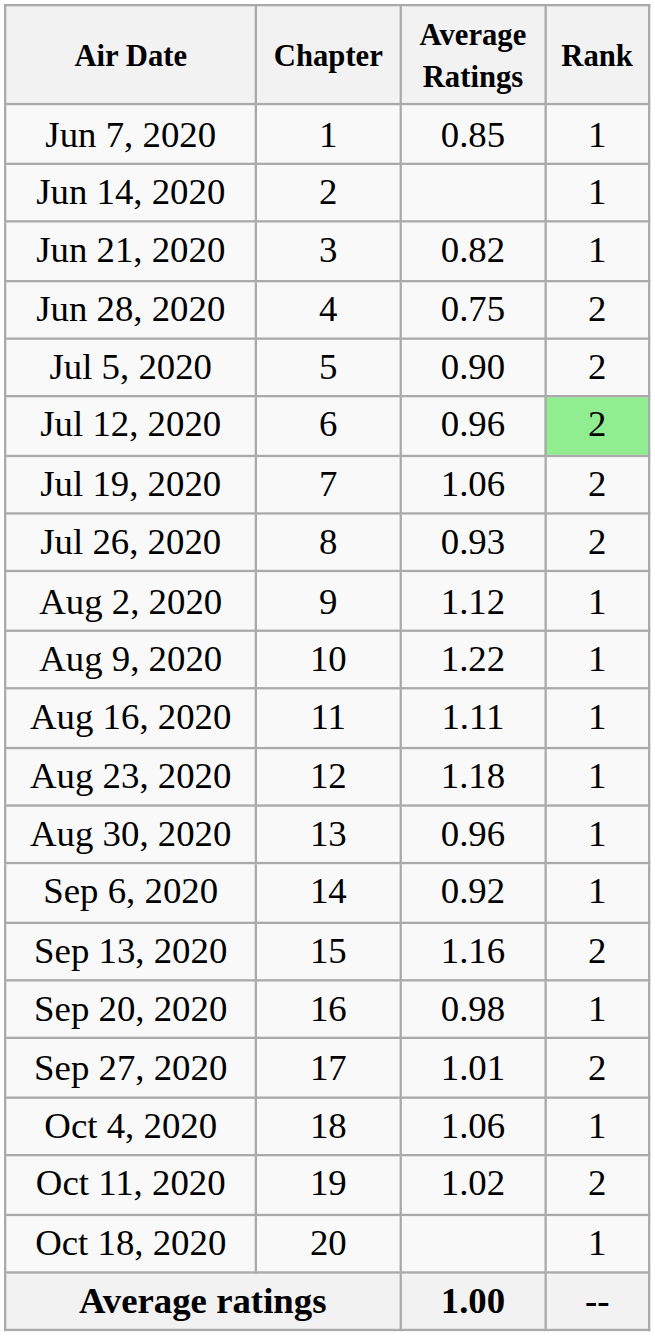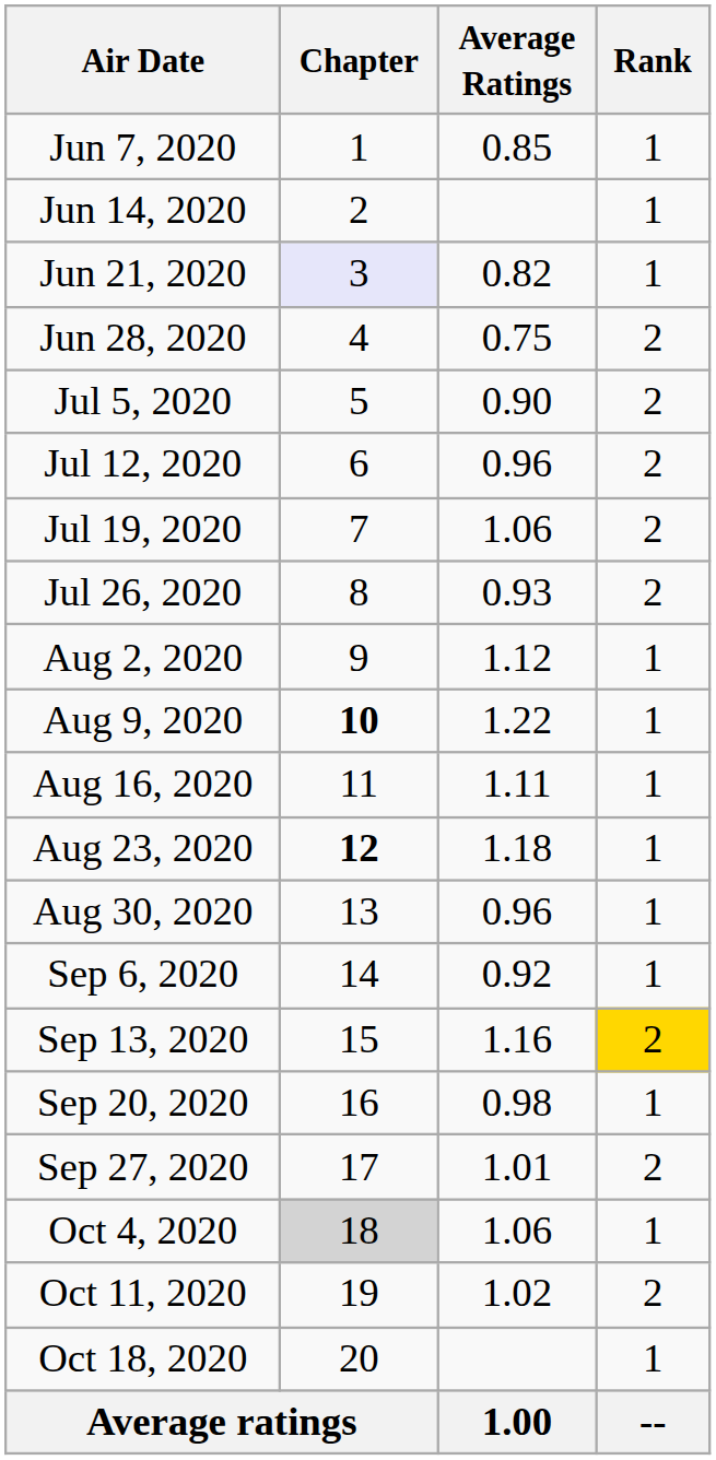 <table class="wikitable" style="text-align:center;width:45%;">
 <tr>
 <th width="25%"><small>Air Date</small></th>
 <th width="5%"><small>Chapter</small></th>
 <th width="6%"><small>Average Ratings</small></th>
 <th width="4%"><small>Rank</small></th>
 </tr>
 <tr>
 <td>Jun 7, 2020</td>
 <td>1</td>
 <td>0.85</td>
 <td>1</td>
 </tr>
 <tr>
 <td>Jun 14, 2020</td>
 <td>2</td>
 <td><strong></strong></td>
 <td>1</td>
 </tr>
 <tr>
 <td>Jun 21, 2020</td>
-<td>3</td>
+<td style="background: lavender;">3</td>
 <td>0.82</td>
 <td>1</td>
 </tr>
 <tr>
 <td>Jun 28, 2020</td>
 <td>4</td>
 <td>0.75</td>
 <td>2</td>
 </tr>
 <tr>
 <td>Jul 5, 2020</td>
 <td>5</td>
 <td>0.90</td>
 <td>2</td>
 </tr>
 <tr>
 <td>Jul 12, 2020</td>
 <td>6</td>
 <td>0.96</td>
-<td style="background: lightgreen;">2</td>
+<td>2</td>
 </tr>
 <tr>
 <td>Jul 19, 2020</td>
 <td>7</td>
 <td>1.06</td>
 <td>2</td>
 </tr>
 <tr>
 <td>Jul 26, 2020</td>
 <td>8</td>
 <td>0.93</td>
 <td>2</td>
 </tr>
 <tr>
 <td>Aug 2, 2020</td>
 <td>9</td>
 <td>1.12</td>
 <td>1</td>
 </tr>
 <tr>
 <td>Aug 9, 2020</td>
-<td>10</td>
+<td><strong>10</strong></td>
 <td>1.22</td>
 <td>1</td>
 </tr>
 <tr>
 <td>Aug 16, 2020</td>
 <td>11</td>
 <td>1.11</td>
 <td>1</td>
 </tr>
 <tr>
 <td>Aug 23, 2020</td>
-<td>12</td>
+<td><strong>12</strong></td>
 <td>1.18</td>
 <td>1</td>
 </tr>
 <tr>
 <td>Aug 30, 2020</td>
 <td>13</td>
 <td>0.96</td>
 <td>1</td>
 </tr>
 <tr>
 <td>Sep 6, 2020</td>
 <td>14</td>
 <td>0.92</td>
 <td>1</td>
 </tr>
 <tr>
 <td>Sep 13, 2020</td>
 <td>15</td>
 <td>1.16</td>
-<td>2</td>
+<td style="background: gold;">2</td>
 </tr>
 <tr>
 <td>Sep 20, 2020</td>
 <td>16</td>
 <td>0.98</td>
 <td>1</td>
 </tr>
 <tr>
 <td>Sep 27, 2020</td>
 <td>17</td>
 <td>1.01</td>
 <td>2</td>
 </tr>
 <tr>
 <td>Oct 4, 2020</td>
-<td>18</td>
+<td style="background: lightgrey;">18</td>
 <td>1.06</td>
 <td>1</td>
 </tr>
 <tr>
 <td>Oct 11, 2020</td>
 <td>19</td>
 <td>1.02</td>
 <td>2</td>
 </tr>
 <tr>
 <td>Oct 18, 2020</td>
 <td>20</td>
 <td><strong></strong></td>
 <td>1</td>
 </tr>
 <tr>
 <th colspan="2"><strong>Average ratings</strong></th>
 <th>1.00</th>
 <th>--</th>
 </tr>
 </table>
